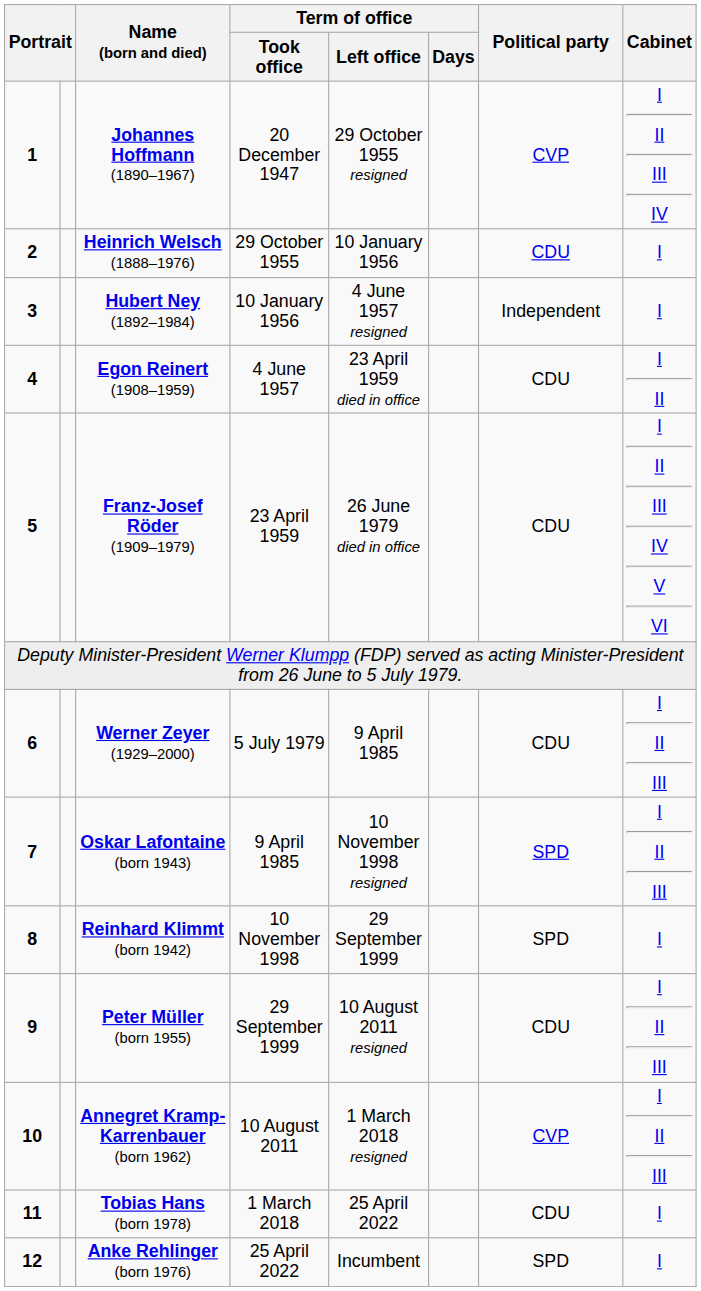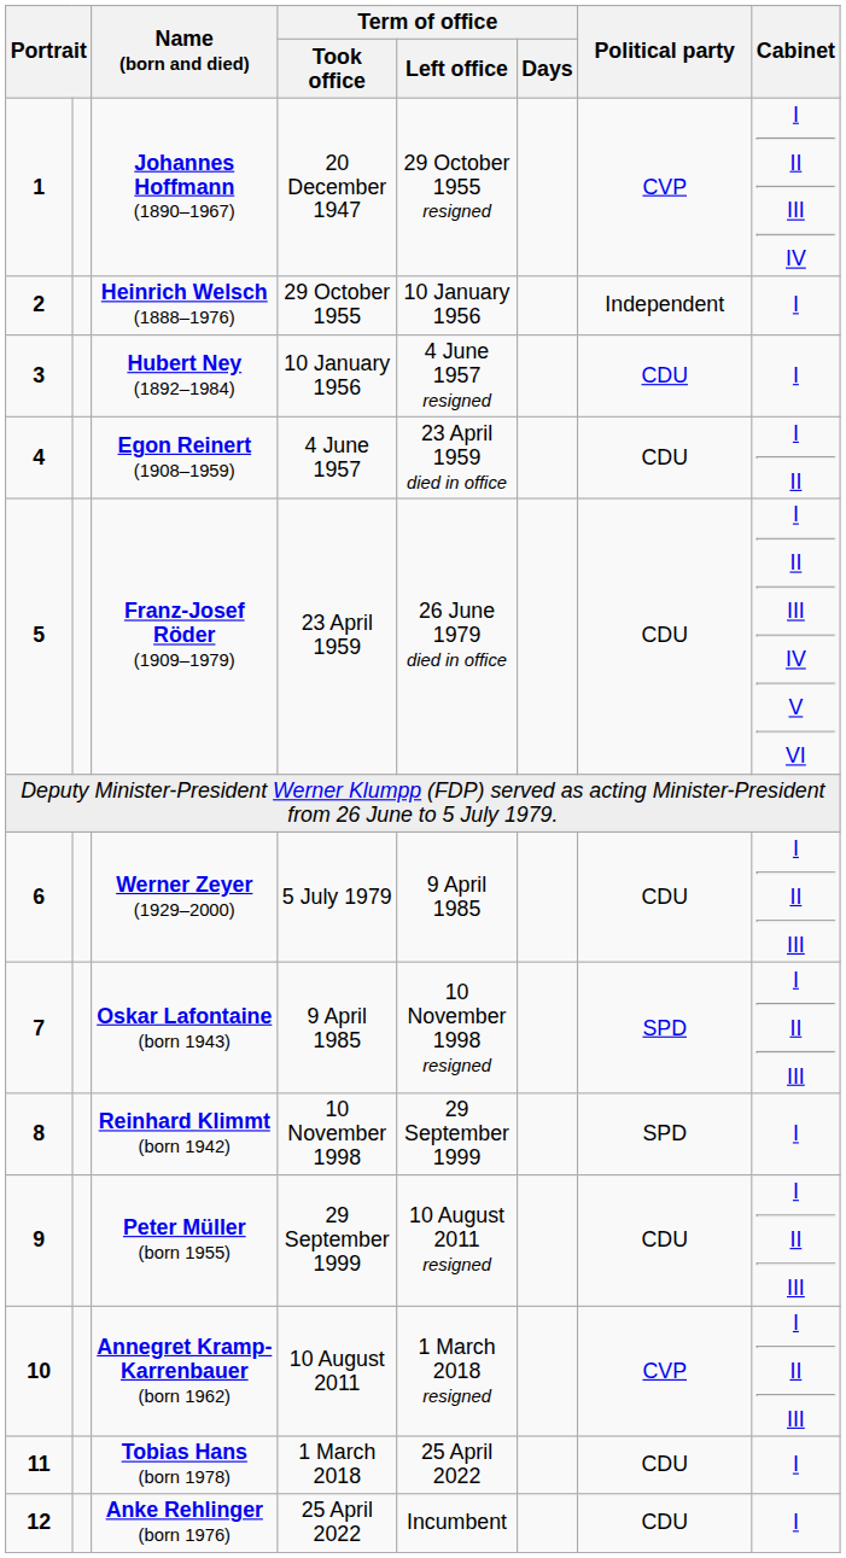 <table class="wikitable" style="text-align:center; width:100%; border:1px #AAAAFF solid">
 <tr>
 <th width=80px rowspan=2 colspan=2>Portrait</th>
 <th width=30% rowspan=2>Name<br><small>(born and died)</small></th>
 <th width=35% colspan=3>Term of office</th>
 <th width=28% rowspan=2>Political party</th>
 <th width=28% rowspan=2>Cabinet</th>
 </tr>
 <tr>
 <th>Took office</th>
 <th>Left office</th>
 <th>Days</th>
 </tr>
 <tr>
 <td style="background:"><strong>1</strong></td>
 <td></td>
 <td><strong><a href='#'>Johannes Hoffmann</a></strong><br><small>(1890–1967)</small></td>
 <td>20 December 1947</td>
 <td>29 October 1955<br><small><em>resigned</em></small></td>
 <td></td>
 <td><a href='#'>CVP</a></td>
 <td><a href='#'>I</a><hr><a href='#'>II</a><hr><a href='#'>III</a><hr><a href='#'>IV</a></td>
 </tr>
 <tr>
 <td style="background:"><strong>2</strong></td>
 <td></td>
 <td><strong><a href='#'>Heinrich Welsch</a></strong><br><small>(1888–1976)</small></td>
 <td>29 October 1955</td>
 <td>10 January 1956</td>
 <td></td>
-<td><a href='#'>CDU</a></td>
+<td>Independent</td>
 <td><a href='#'>I</a></td>
 </tr>
 <tr>
 <td style="background:"><strong>3</strong></td>
 <td></td>
 <td><strong><a href='#'>Hubert Ney</a></strong><br><small>(1892–1984)</small></td>
 <td>10 January 1956</td>
 <td>4 June 1957<br><small><em>resigned</em></small></td>
 <td></td>
-<td>Independent</td>
+<td><a href='#'>CDU</a></td>
 <td><a href='#'>I</a></td>
 </tr>
 <tr>
 <td style="background:"><strong>4</strong></td>
 <td></td>
 <td><strong><a href='#'>Egon Reinert</a></strong><br><small>(1908–1959)</small></td>
 <td>4 June 1957</td>
 <td>23 April 1959<br><small><em>died in office</em></small></td>
 <td></td>
 <td>CDU</td>
 <td><a href='#'>I</a><hr><a href='#'>II</a></td>
 </tr>
 <tr>
 <td style="background:"><strong>5</strong></td>
 <td></td>
 <td><strong><a href='#'>Franz-Josef Röder</a></strong><br><small>(1909–1979)</small></td>
 <td>23 April 1959</td>
 <td>26 June 1979<br><small><em>died in office</em></small></td>
 <td></td>
 <td>CDU</td>
 <td><a href='#'>I</a><hr><a href='#'>II</a><hr><a href='#'>III</a><hr><a href='#'>IV</a><hr><a href='#'>V</a><hr><a href='#'>VI</a></td>
 </tr>
 <tr>
 <td bgcolor=#EEEEEE colspan=10><em>Deputy Minister-President <a href='#'>Werner Klumpp</a> (FDP) served as acting Minister-President from 26 June to 5 July 1979.</em></td>
 </tr>
 <tr>
 <td style="background:"><strong>6</strong></td>
 <td></td>
 <td><strong><a href='#'>Werner Zeyer</a></strong><br><small>(1929–2000)</small></td>
 <td>5 July 1979</td>
 <td>9 April 1985</td>
 <td></td>
 <td>CDU</td>
 <td><a href='#'>I</a><hr><a href='#'>II</a><hr><a href='#'>III</a></td>
 </tr>
 <tr>
 <td style="background:"><strong>7</strong></td>
 <td></td>
 <td><strong><a href='#'>Oskar Lafontaine</a></strong><br><small>(born 1943)</small></td>
 <td>9 April 1985</td>
 <td>10 November 1998<br><small><em>resigned</em></small></td>
 <td></td>
 <td><a href='#'>SPD</a></td>
 <td><a href='#'>I</a><hr><a href='#'>II</a><hr><a href='#'>III</a></td>
 </tr>
 <tr>
 <td style="background:"><strong>8</strong></td>
 <td></td>
 <td><strong><a href='#'>Reinhard Klimmt</a></strong><br><small>(born 1942)</small></td>
 <td>10 November 1998</td>
 <td>29 September 1999</td>
 <td></td>
 <td>SPD</td>
 <td><a href='#'>I</a></td>
 </tr>
 <tr>
 <td style="background:"><strong>9</strong></td>
 <td></td>
 <td><strong><a href='#'>Peter Müller</a></strong><br><small>(born 1955)</small></td>
 <td>29 September 1999</td>
 <td>10 August 2011<br><small><em>resigned</em></small></td>
 <td></td>
 <td>CDU</td>
 <td><a href='#'>I</a><hr><a href='#'>II</a><hr><a href='#'>III</a></td>
 </tr>
 <tr>
 <td style="background:"><strong>10</strong></td>
 <td></td>
 <td><strong><a href='#'>Annegret Kramp-Karrenbauer</a></strong><br><small>(born 1962)</small></td>
 <td>10 August 2011</td>
 <td>1 March 2018<br><small><em>resigned</em></small></td>
 <td></td>
 <td><a href='#'>CVP</a></td>
 <td><a href='#'>I</a><hr><a href='#'>II</a><hr><a href='#'>III</a></td>
 </tr>
 <tr>
 <td style="background:"><strong>11</strong></td>
 <td></td>
 <td><strong><a href='#'>Tobias Hans</a></strong><br><small>(born 1978)</small></td>
 <td>1 March 2018</td>
 <td>25 April 2022</td>
 <td></td>
 <td>CDU</td>
 <td><a href='#'>I</a></td>
 </tr>
 <tr>
 <td style="background:"><strong>12</strong></td>
 <td></td>
 <td><strong><a href='#'>Anke Rehlinger</a></strong><br><small>(born 1976)</small></td>
 <td>25 April 2022</td>
 <td>Incumbent</td>
 <td></td>
-<td>SPD</td>
+<td>CDU</td>
 <td><a href='#'>I</a></td>
 </tr>
 </table>
